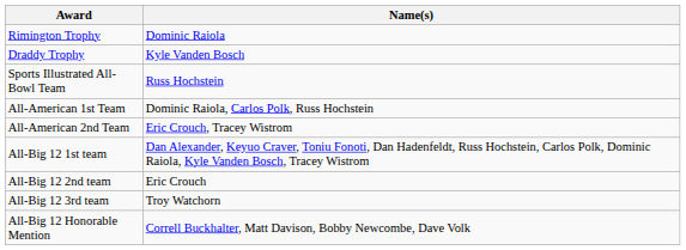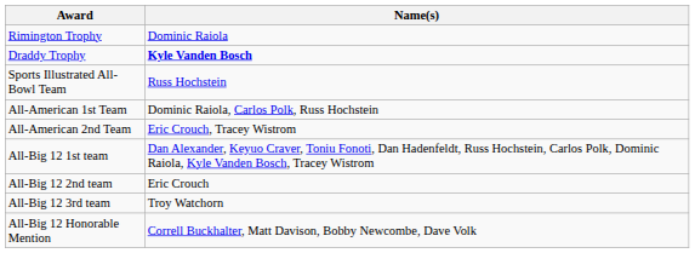 <table class="wikitable">
 <tr>
 <th>Award</th>
 <th>Name(s)</th>
 </tr>
 <tr>
 <td><a href='#'>Rimington Trophy</a></td>
 <td><a href='#'>Dominic Raiola</a></td>
 </tr>
 <tr>
 <td><a href='#'>Draddy Trophy</a></td>
-<td><a href='#'>Kyle Vanden Bosch</a></td>
+<td><strong><a href='#'>Kyle Vanden Bosch</a></strong></td>
 </tr>
 <tr>
 <td>Sports Illustrated All-Bowl Team</td>
 <td><a href='#'>Russ Hochstein</a></td>
 </tr>
 <tr>
 <td>All-American 1st Team</td>
 <td>Dominic Raiola, <a href='#'>Carlos Polk</a>, Russ Hochstein</td>
 </tr>
 <tr>
 <td>All-American 2nd Team</td>
 <td><a href='#'>Eric Crouch</a>, Tracey Wistrom</td>
 </tr>
 <tr>
 <td>All-Big 12 1st team</td>
 <td><a href='#'>Dan Alexander</a>, <a href='#'>Keyuo Craver</a>, <a href='#'>Toniu Fonoti</a>, Dan Hadenfeldt, Russ Hochstein, Carlos Polk, Dominic Raiola, <a href='#'>Kyle Vanden Bosch</a>, Tracey Wistrom</td>
 </tr>
 <tr>
 <td>All-Big 12 2nd team</td>
 <td>Eric Crouch</td>
 </tr>
 <tr>
 <td>All-Big 12 3rd team</td>
 <td>Troy Watchorn</td>
 </tr>
 <tr>
 <td>All-Big 12 Honorable Mention</td>
 <td><a href='#'>Correll Buckhalter</a>, Matt Davison, Bobby Newcombe, Dave Volk</td>
 </tr>
 </table>
